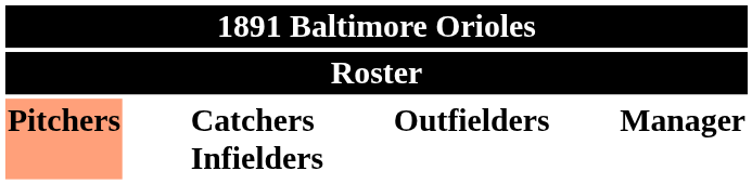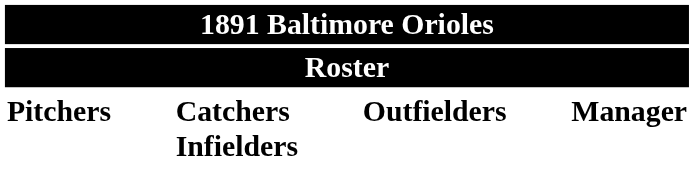 <table class="toccolours" style="font-size: 95%;">
 <tr>
 <th colspan="10" style="background-color: black; color: white; text-align: center;">1891 Baltimore Orioles</th>
 </tr>
 <tr>
 <td colspan="10" style="background-color: black; color: white; text-align: center;"><strong>Roster</strong></td>
 </tr>
 <tr>
-<td valign="top" style="background: lightsalmon;"><strong>Pitchers</strong><br>    </td>
+<td valign="top"><strong>Pitchers</strong><br>    </td>
 <td width="25px"></td>
 <td valign="top"><strong>Catchers</strong><br>  <strong>Infielders</strong>      </td>
 <td width="25px"></td>
 <td valign="top"><strong>Outfielders</strong><br>    </td>
 <td width="25px"></td>
 <td valign="top"><strong>Manager</strong><br></td>
 </tr>
 </table>
